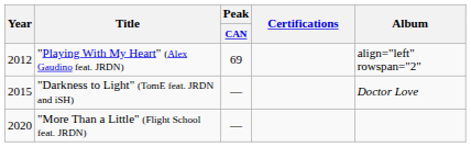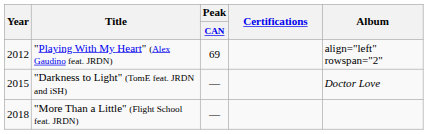 <table class="wikitable">
 <tr>
 <th rowspan="2">Year</th>
 <th rowspan="2">Title</th>
 <th>Peak</th>
 <th scope="col" rowspan="2" style="width:8em;"><a href='#'>Certifications</a></th>
 <th rowspan="2">Album</th>
 </tr>
 <tr>
 <th style="width:30px;"><small><a href='#'>CAN</a></small></th>
 </tr>
 <tr>
 <td rowspan="1">2012</td>
 <td>"<a href='#'>Playing With My Heart</a>" <small>(<a href='#'>Alex Gaudino</a> feat. JRDN)</small></td>
 <td align="center">69</td>
 <td></td>
 <td>align="left" rowspan="2" </td>
 </tr>
 <tr>
 <td rowspan="1">2015</td>
 <td>"Darkness to Light" <small>(TomE feat. JRDN and iSH)</small></td>
 <td align="center">—</td>
 <td></td>
 <td align="left" rowspan="1"><em>Doctor Love</em></td>
 </tr>
 <tr>
-<td rowspan="1">2020</td>
+<td rowspan="1">2018</td>
 <td>"More Than a Little" <small>(Flight School feat. JRDN)</small></td>
 <td align="center">—</td>
 <td></td>
 </tr>
 </table>
